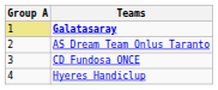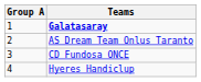 <table class="wikitable">
 <tr>
 <th>Group A</th>
 <th>Teams</th>
 </tr>
 <tr>
-<td style="background: khaki;">1</td>
+<td>1</td>
 <td> <strong><a href='#'>Galatasaray</a></strong></td>
 </tr>
 <tr>
 <td>2</td>
 <td> <a href='#'>AS Dream Team Onlus Taranto</a></td>
 </tr>
 <tr>
 <td>3</td>
 <td> <a href='#'>CD Fundosa ONCE</a></td>
 </tr>
 <tr>
 <td>4</td>
 <td> <a href='#'>Hyeres Handiclup</a></td>
 </tr>
 </table>
